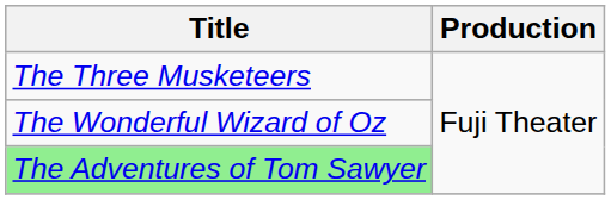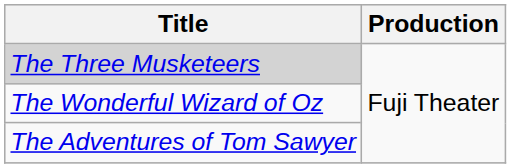 <table class="wikitable">
 <tr>
 <th>Title</th>
 <th>Production</th>
 </tr>
 <tr>
-<td><em><a href='#'>The Three Musketeers</a></em></td>
+<td style="background: lightgrey;"><em><a href='#'>The Three Musketeers</a></em></td>
 <td rowspan="3">Fuji Theater</td>
 </tr>
 <tr>
 <td><em><a href='#'>The Wonderful Wizard of Oz</a></em></td>
 </tr>
 <tr>
-<td style="background: lightgreen;"><em><a href='#'>The Adventures of Tom Sawyer</a></em></td>
+<td><em><a href='#'>The Adventures of Tom Sawyer</a></em></td>
 </tr>
 </table>
